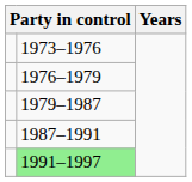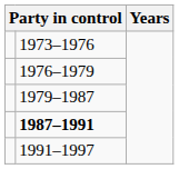 <table class="wikitable">
 <tr>
 <th colspan="2">Party in control</th>
 <th>Years</th>
 </tr>
 <tr>
 <td></td>
 <td>1973–1976</td>
 </tr>
 <tr>
 <td></td>
 <td>1976–1979</td>
 </tr>
 <tr>
 <td></td>
 <td>1979–1987</td>
 </tr>
 <tr>
 <td></td>
-<td>1987–1991</td>
+<td><strong>1987–1991</strong></td>
 </tr>
 <tr>
 <td></td>
-<td style="background: lightgreen;">1991–1997</td>
+<td>1991–1997</td>
 </tr>
 </table>
